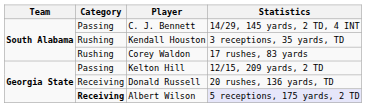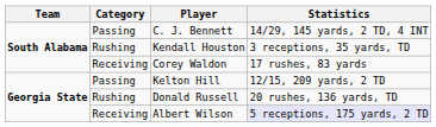 <table class="wikitable" style="float: left;">
 <tr>
 <th>Team</th>
 <th>Category</th>
 <th>Player</th>
 <th>Statistics</th>
 </tr>
 <tr>
 <td rowspan=3><strong>South Alabama</strong></td>
 <td>Passing</td>
 <td>C. J. Bennett</td>
 <td>14/29, 145 yards, 2 TD, 4 INT</td>
 </tr>
 <tr>
 <td>Rushing</td>
 <td>Kendall Houston</td>
 <td>3 receptions, 35 yards, TD</td>
 </tr>
 <tr>
-<td>Rushing</td>
+<td>Receiving</td>
 <td>Corey Waldon</td>
 <td>17 rushes, 83 yards</td>
 </tr>
 <tr>
 <td rowspan=3><strong>Georgia State</strong></td>
 <td>Passing</td>
 <td>Kelton Hill</td>
 <td>12/15, 209 yards, 2 TD</td>
 </tr>
 <tr>
-<td>Receiving</td>
+<td>Rushing</td>
 <td>Donald Russell</td>
 <td>20 rushes, 136 yards, TD</td>
 </tr>
 <tr>
-<td><strong>Receiving</strong></td>
+<td>Receiving</td>
 <td>Albert Wilson</td>
 <td style="background: lavender;">5 receptions, 175 yards, 2 TD</td>
 </tr>
 </table>
